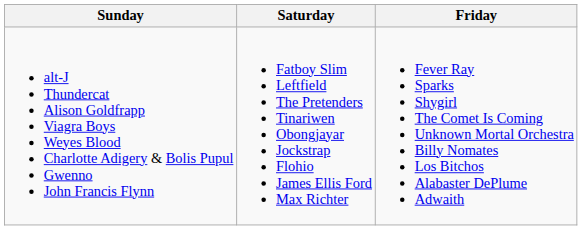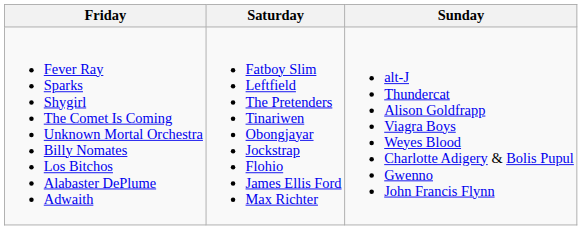 <table class="wikitable">
 <tr>
+<th>Friday</th>
+<th>Saturday</th>
 <th>Sunday</th>
-<th>Saturday</th>
-<th>Friday</th>
 </tr>
 <tr>
+<td><br><ul><li><a href='#'>Fever Ray</a></li><li><a href='#'>Sparks</a></li><li><a href='#'>Shygirl</a></li><li><a href='#'>The Comet Is Coming</a></li><li><a href='#'>Unknown Mortal Orchestra</a></li><li><a href='#'>Billy Nomates</a></li><li><a href='#'>Los Bitchos</a></li><li><a href='#'>Alabaster DePlume</a></li><li><a href='#'>Adwaith</a></li></ul></td>
+<td><br><ul><li><a href='#'>Fatboy Slim</a></li><li><a href='#'>Leftfield</a></li><li><a href='#'>The Pretenders</a></li><li><a href='#'>Tinariwen</a></li><li><a href='#'>Obongjayar</a></li><li><a href='#'>Jockstrap</a></li><li><a href='#'>Flohio</a></li><li><a href='#'>James Ellis Ford</a></li><li><a href='#'>Max Richter</a></li></ul></td>
 <td><br><ul><li><a href='#'>alt-J</a></li><li><a href='#'>Thundercat</a></li><li><a href='#'>Alison Goldfrapp</a></li><li><a href='#'>Viagra Boys</a></li><li><a href='#'>Weyes Blood</a></li><li><a href='#'>Charlotte Adigery</a> & <a href='#'>Bolis Pupul</a></li><li><a href='#'>Gwenno</a></li><li><a href='#'>John Francis Flynn</a></li></ul></td>
-<td><br><ul><li><a href='#'>Fatboy Slim</a></li><li><a href='#'>Leftfield</a></li><li><a href='#'>The Pretenders</a></li><li><a href='#'>Tinariwen</a></li><li><a href='#'>Obongjayar</a></li><li><a href='#'>Jockstrap</a></li><li><a href='#'>Flohio</a></li><li><a href='#'>James Ellis Ford</a></li><li><a href='#'>Max Richter</a></li></ul></td>
-<td><br><ul><li><a href='#'>Fever Ray</a></li><li><a href='#'>Sparks</a></li><li><a href='#'>Shygirl</a></li><li><a href='#'>The Comet Is Coming</a></li><li><a href='#'>Unknown Mortal Orchestra</a></li><li><a href='#'>Billy Nomates</a></li><li><a href='#'>Los Bitchos</a></li><li><a href='#'>Alabaster DePlume</a></li><li><a href='#'>Adwaith</a></li></ul></td>
 </tr>
 </table>
